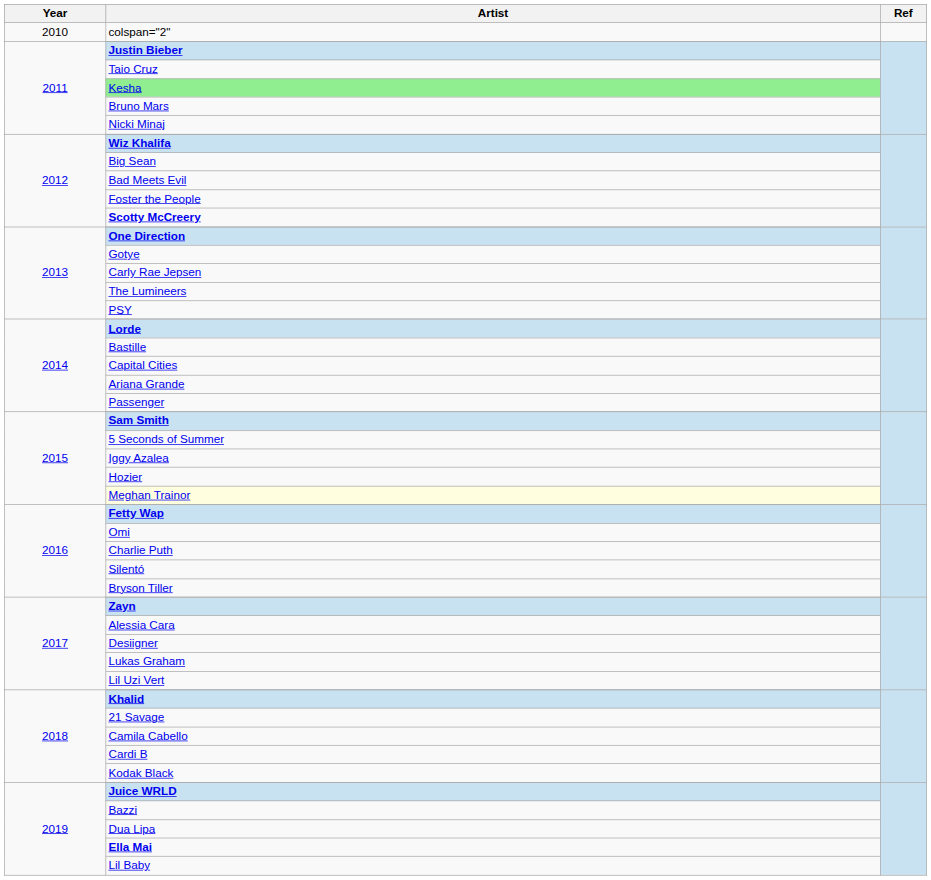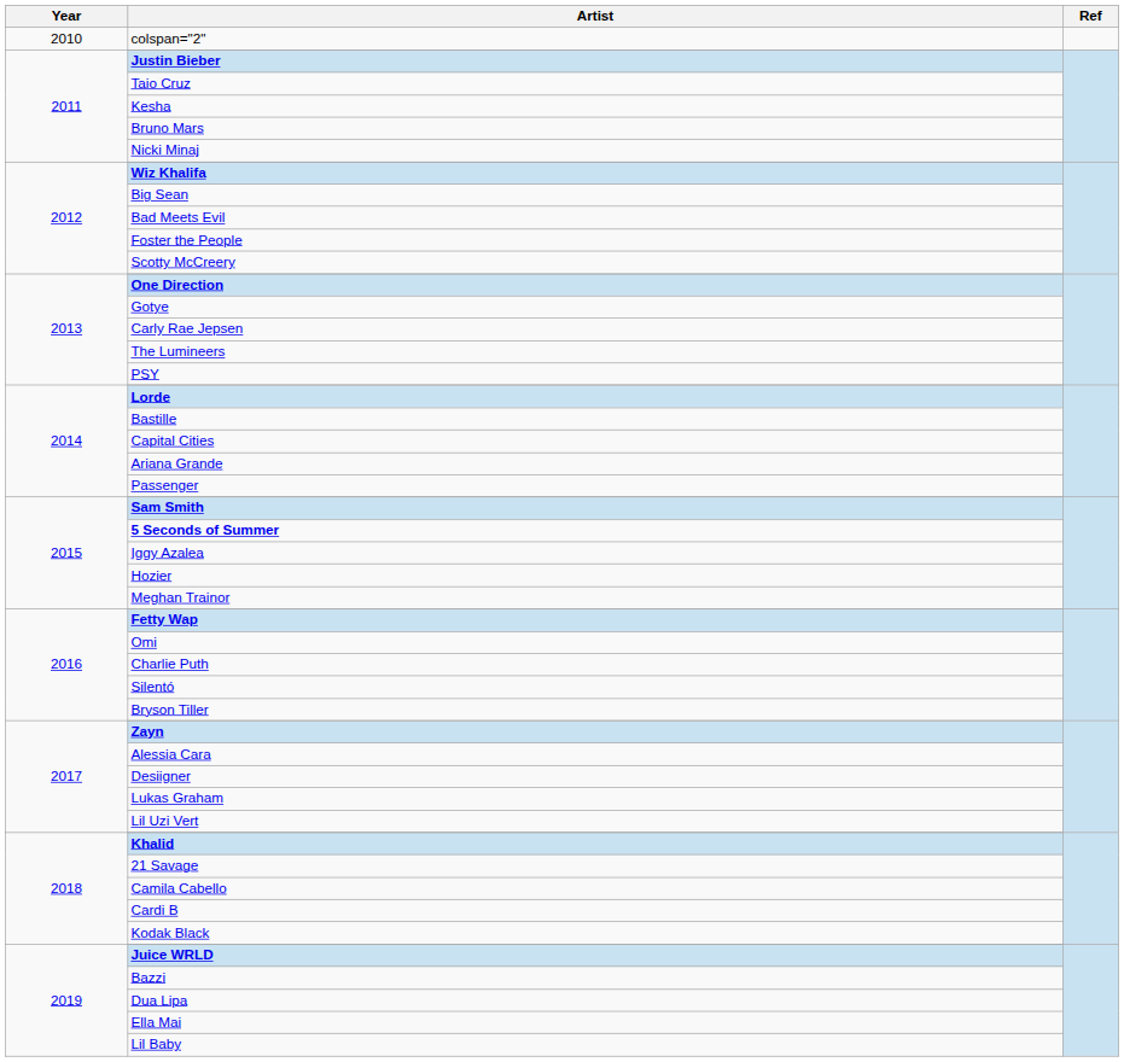 <table class="wikitable" style="width:100%;">
 <tr style="background:#bebebe;">
 <th style="width:11%;">Year</th>
 <th style="width:84%;">Artist</th>
 <th style="width:5%;">Ref</th>
 </tr>
 <tr>
 <td align="center">2010</td>
 <td>colspan="2" </td>
 </tr>
 <tr>
 <td rowspan="6" align="center"><a href='#'>2011</a></td>
 </tr>
 <tr style="background:#c9e2f2">
 <td><strong><a href='#'>Justin Bieber</a></strong></td>
 <td rowspan="6" align="center"></td>
 </tr>
 <tr>
 <td><a href='#'>Taio Cruz</a></td>
 </tr>
 <tr>
-<td style="background: lightgreen;"><a href='#'>Kesha</a></td>
+<td><a href='#'>Kesha</a></td>
 </tr>
 <tr>
 <td><a href='#'>Bruno Mars</a></td>
 </tr>
 <tr>
 <td><a href='#'>Nicki Minaj</a></td>
 </tr>
 <tr>
 <td rowspan="6" align="center"><a href='#'>2012</a></td>
 </tr>
 <tr style="background:#c9e2f2">
 <td><strong><a href='#'>Wiz Khalifa</a></strong></td>
 <td rowspan="6" align="center"></td>
 </tr>
 <tr>
 <td><a href='#'>Big Sean</a></td>
 </tr>
 <tr>
 <td><a href='#'>Bad Meets Evil</a></td>
 </tr>
 <tr>
 <td><a href='#'>Foster the People</a></td>
 </tr>
 <tr>
-<td><strong><a href='#'>Scotty McCreery</a></strong></td>
+<td><a href='#'>Scotty McCreery</a></td>
 </tr>
 <tr>
 <td rowspan="6" align="center"><a href='#'>2013</a></td>
 </tr>
 <tr style="background:#c9e2f2">
 <td><strong><a href='#'>One Direction</a></strong></td>
 <td rowspan="6" align="center"></td>
 </tr>
 <tr>
 <td><a href='#'>Gotye</a></td>
 </tr>
 <tr>
 <td><a href='#'>Carly Rae Jepsen</a></td>
 </tr>
 <tr>
 <td><a href='#'>The Lumineers</a></td>
 </tr>
 <tr>
 <td><a href='#'>PSY</a></td>
 </tr>
 <tr>
 <td rowspan="6" align="center"><a href='#'>2014</a></td>
 </tr>
 <tr style="background:#c9e2f2">
 <td><strong><a href='#'>Lorde</a></strong></td>
 <td rowspan="6" align="center"></td>
 </tr>
 <tr>
 <td><a href='#'>Bastille</a></td>
 </tr>
 <tr>
 <td><a href='#'>Capital Cities</a></td>
 </tr>
 <tr>
 <td><a href='#'>Ariana Grande</a></td>
 </tr>
 <tr>
 <td><a href='#'>Passenger</a></td>
 </tr>
 <tr>
 <td rowspan="6" align="center"><a href='#'>2015</a></td>
 </tr>
 <tr style="background:#c9e2f2">
 <td><strong><a href='#'>Sam Smith</a></strong></td>
 <td rowspan="6" align="center"></td>
 </tr>
 <tr>
-<td><a href='#'>5 Seconds of Summer</a></td>
+<td><strong><a href='#'>5 Seconds of Summer</a></strong></td>
 </tr>
 <tr>
 <td><a href='#'>Iggy Azalea</a></td>
 </tr>
 <tr>
 <td><a href='#'>Hozier</a></td>
 </tr>
 <tr>
-<td style="background: lightyellow;"><a href='#'>Meghan Trainor</a></td>
+<td><a href='#'>Meghan Trainor</a></td>
 </tr>
 <tr>
 <td rowspan="6" align="center"><a href='#'>2016</a></td>
 </tr>
 <tr style="background:#c9e2f2">
 <td><strong><a href='#'>Fetty Wap</a></strong></td>
 <td rowspan="6" align="center"></td>
 </tr>
 <tr>
 <td><a href='#'>Omi</a></td>
 </tr>
 <tr>
 <td><a href='#'>Charlie Puth</a></td>
 </tr>
 <tr>
 <td><a href='#'>Silentó</a></td>
 </tr>
 <tr>
 <td><a href='#'>Bryson Tiller</a></td>
 </tr>
 <tr>
 <td rowspan="6" align="center"><a href='#'>2017</a></td>
 </tr>
 <tr style="background:#c9e2f2">
 <td><strong><a href='#'>Zayn</a></strong></td>
 <td rowspan="6" align="center"></td>
 </tr>
 <tr>
 <td><a href='#'>Alessia Cara</a></td>
 </tr>
 <tr>
 <td><a href='#'>Desiigner</a></td>
 </tr>
 <tr>
 <td><a href='#'>Lukas Graham</a></td>
 </tr>
 <tr>
 <td><a href='#'>Lil Uzi Vert</a></td>
 </tr>
 <tr>
 <td rowspan="6" align="center"><a href='#'>2018</a></td>
 </tr>
 <tr style="background:#c9e2f2">
 <td><strong><a href='#'>Khalid</a></strong></td>
 <td rowspan="6" align="center"></td>
 </tr>
 <tr>
 <td><a href='#'>21 Savage</a></td>
 </tr>
 <tr>
 <td><a href='#'>Camila Cabello</a></td>
 </tr>
 <tr>
 <td><a href='#'>Cardi B</a></td>
 </tr>
 <tr>
 <td><a href='#'>Kodak Black</a></td>
 </tr>
 <tr>
 <td rowspan="6" align="center"><a href='#'>2019</a></td>
 </tr>
 <tr style="background:#c9e2f2">
 <td><strong><a href='#'>Juice WRLD</a></strong></td>
 <td rowspan="6" align="center"></td>
 </tr>
 <tr>
 <td><a href='#'>Bazzi</a></td>
 </tr>
 <tr>
 <td><a href='#'>Dua Lipa</a></td>
 </tr>
 <tr>
-<td><strong><a href='#'>Ella Mai</a></strong></td>
+<td><a href='#'>Ella Mai</a></td>
 </tr>
 <tr>
 <td><a href='#'>Lil Baby</a></td>
 </tr>
 </table>
